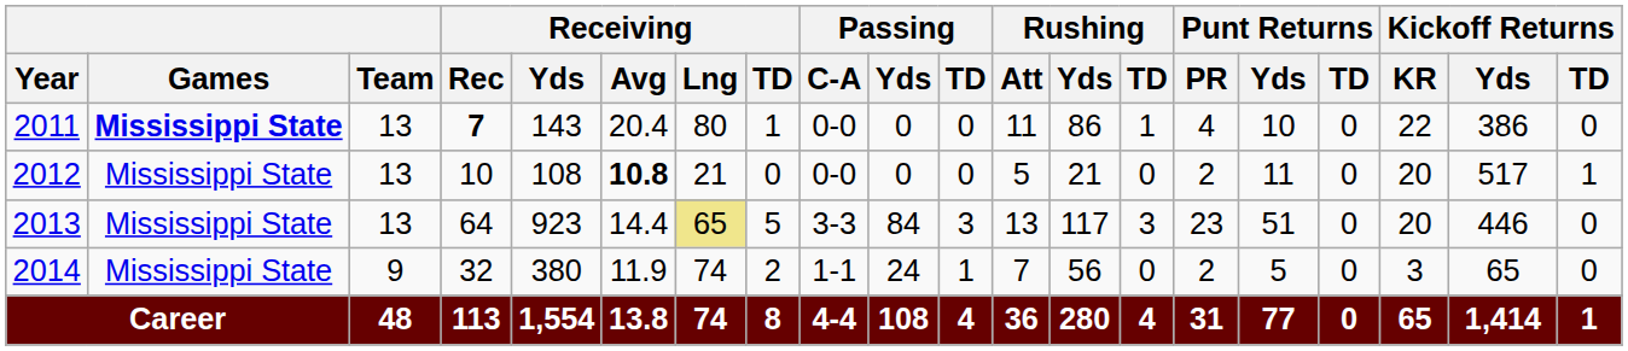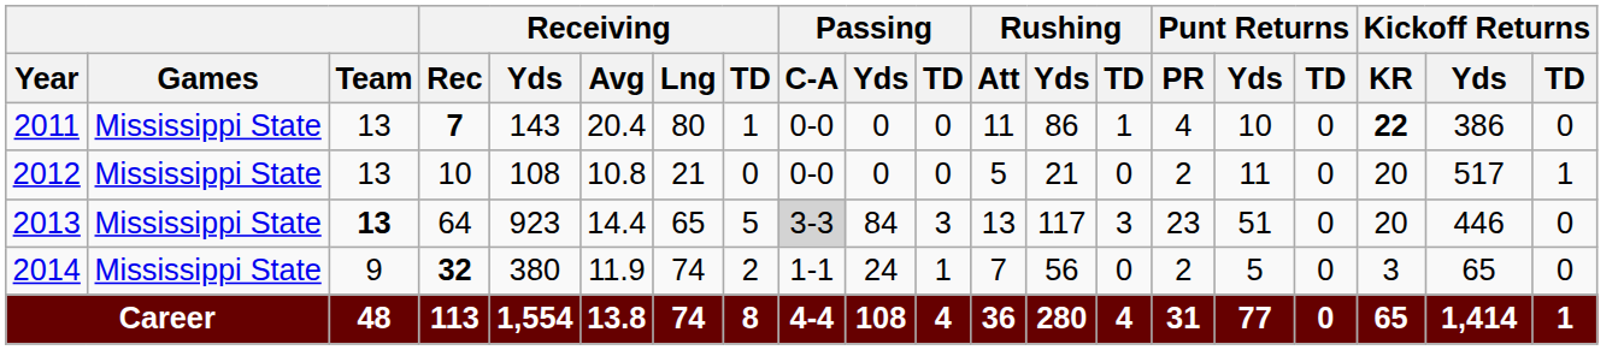 <table class="wikitable" style="text-align:center;">
 <tr>
 <th colspan="3"></th>
 <th colspan="5">Receiving</th>
 <th colspan="3">Passing</th>
 <th colspan="3">Rushing</th>
 <th colspan="3">Punt Returns</th>
 <th colspan="3">Kickoff Returns</th>
 </tr>
 <tr>
 <th>Year</th>
 <th>Games</th>
 <th>Team</th>
 <th>Rec</th>
 <th>Yds</th>
 <th>Avg</th>
 <th>Lng</th>
 <th>TD</th>
 <th>C-A</th>
 <th>Yds</th>
 <th>TD</th>
 <th>Att</th>
 <th>Yds</th>
 <th>TD</th>
 <th>PR</th>
 <th>Yds</th>
 <th>TD</th>
 <th>KR</th>
 <th>Yds</th>
 <th>TD</th>
 </tr>
 <tr>
 <td><a href='#'>2011</a></td>
-<td><strong><a href='#'>Mississippi State</a></strong></td>
+<td><a href='#'>Mississippi State</a></td>
 <td>13</td>
 <td><strong>7</strong></td>
 <td>143</td>
 <td>20.4</td>
 <td>80</td>
 <td>1</td>
 <td>0-0</td>
 <td>0</td>
 <td>0</td>
 <td>11</td>
 <td>86</td>
 <td>1</td>
 <td>4</td>
 <td>10</td>
 <td>0</td>
-<td>22</td>
+<td><strong>22</strong></td>
 <td>386</td>
 <td>0</td>
 </tr>
 <tr>
 <td><a href='#'>2012</a></td>
 <td><a href='#'>Mississippi State</a></td>
 <td>13</td>
 <td>10</td>
 <td>108</td>
-<td><strong>10.8</strong></td>
+<td>10.8</td>
 <td>21</td>
 <td>0</td>
 <td>0-0</td>
 <td>0</td>
 <td>0</td>
 <td>5</td>
 <td>21</td>
 <td>0</td>
 <td>2</td>
 <td>11</td>
 <td>0</td>
 <td>20</td>
 <td>517</td>
 <td>1</td>
 </tr>
 <tr>
 <td><a href='#'>2013</a></td>
 <td><a href='#'>Mississippi State</a></td>
-<td>13</td>
+<td><strong>13</strong></td>
 <td>64</td>
 <td>923</td>
 <td>14.4</td>
-<td style="background: khaki;">65</td>
+<td>65</td>
 <td>5</td>
-<td>3-3</td>
+<td style="background: lightgrey;">3-3</td>
 <td>84</td>
 <td>3</td>
 <td>13</td>
 <td>117</td>
 <td>3</td>
 <td>23</td>
 <td>51</td>
 <td>0</td>
 <td>20</td>
 <td>446</td>
 <td>0</td>
 </tr>
 <tr>
 <td><a href='#'>2014</a></td>
 <td><a href='#'>Mississippi State</a></td>
 <td>9</td>
-<td>32</td>
+<td><strong>32</strong></td>
 <td>380</td>
 <td>11.9</td>
 <td>74</td>
 <td>2</td>
 <td>1-1</td>
 <td>24</td>
 <td>1</td>
 <td>7</td>
 <td>56</td>
 <td>0</td>
 <td>2</td>
 <td>5</td>
 <td>0</td>
 <td>3</td>
 <td>65</td>
 <td>0</td>
 </tr>
 <tr>
 </tr>
 <tr style="background:#660000; font-weight:bold; color:white;">
 <td colspan=2>Career</td>
 <td>48</td>
 <td>113</td>
 <td>1,554</td>
 <td>13.8</td>
 <td>74</td>
 <td>8</td>
 <td>4-4</td>
 <td>108</td>
 <td>4</td>
 <td>36</td>
 <td>280</td>
 <td>4</td>
 <td>31</td>
 <td>77</td>
 <td>0</td>
 <td>65</td>
 <td>1,414</td>
 <td>1</td>
 </tr>
 </table>
